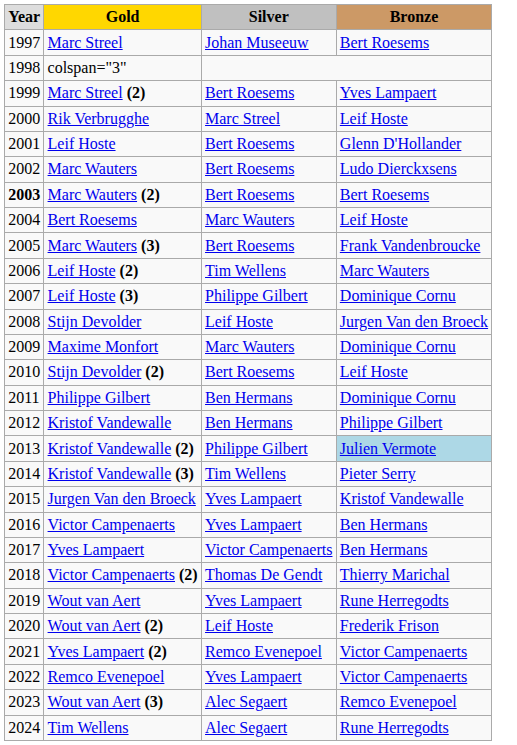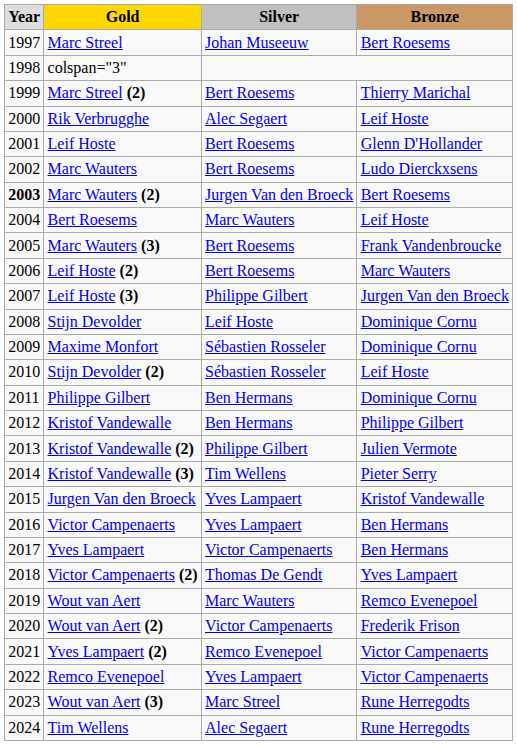 <table class="wikitable" style="text-align:left;">
 <tr>
 <td style="background:#DDDDDD; font-weight:bold; text-align:center;">Year</td>
 <td style="background:gold; font-weight:bold; text-align:center;">Gold</td>
 <td style="background:silver; font-weight:bold; text-align:center;">Silver</td>
 <td style="background:#cc9966; font-weight:bold; text-align:center;">Bronze</td>
 </tr>
 <tr>
 <td>1997</td>
 <td><a href='#'>Marc Streel</a></td>
 <td><a href='#'>Johan Museeuw</a></td>
 <td><a href='#'>Bert Roesems</a></td>
 </tr>
 <tr>
 <td>1998</td>
 <td>colspan="3" </td>
 </tr>
 <tr>
 <td>1999</td>
 <td><a href='#'>Marc Streel</a> <strong>(2)</strong></td>
 <td><a href='#'>Bert Roesems</a></td>
-<td><a href='#'>Yves Lampaert</a></td>
+<td><a href='#'>Thierry Marichal</a></td>
 </tr>
 <tr>
 <td>2000</td>
 <td><a href='#'>Rik Verbrugghe</a></td>
-<td><a href='#'>Marc Streel</a></td>
+<td><a href='#'>Alec Segaert</a></td>
 <td><a href='#'>Leif Hoste</a></td>
 </tr>
 <tr>
 <td>2001</td>
 <td><a href='#'>Leif Hoste</a></td>
 <td><a href='#'>Bert Roesems</a></td>
 <td><a href='#'>Glenn D'Hollander</a></td>
 </tr>
 <tr>
 <td>2002</td>
 <td><a href='#'>Marc Wauters</a></td>
 <td><a href='#'>Bert Roesems</a></td>
 <td><a href='#'>Ludo Dierckxsens</a></td>
 </tr>
 <tr>
 <td><strong>2003</strong></td>
 <td><a href='#'>Marc Wauters</a> <strong>(2)</strong></td>
-<td><a href='#'>Bert Roesems</a></td>
+<td><a href='#'>Jurgen Van den Broeck</a></td>
 <td><a href='#'>Bert Roesems</a></td>
 </tr>
 <tr>
 <td>2004</td>
 <td><a href='#'>Bert Roesems</a></td>
 <td><a href='#'>Marc Wauters</a></td>
 <td><a href='#'>Leif Hoste</a></td>
 </tr>
 <tr>
 <td>2005</td>
 <td><a href='#'>Marc Wauters</a> <strong>(3)</strong></td>
 <td><a href='#'>Bert Roesems</a></td>
 <td><a href='#'>Frank Vandenbroucke</a></td>
 </tr>
 <tr>
 <td>2006</td>
 <td><a href='#'>Leif Hoste</a> <strong>(2)</strong></td>
-<td><a href='#'>Tim Wellens</a></td>
+<td><a href='#'>Bert Roesems</a></td>
 <td><a href='#'>Marc Wauters</a></td>
 </tr>
 <tr>
 <td>2007</td>
 <td><a href='#'>Leif Hoste</a> <strong>(3)</strong></td>
 <td><a href='#'>Philippe Gilbert</a></td>
-<td><a href='#'>Dominique Cornu</a></td>
+<td><a href='#'>Jurgen Van den Broeck</a></td>
 </tr>
 <tr>
 <td>2008</td>
 <td><a href='#'>Stijn Devolder</a></td>
 <td><a href='#'>Leif Hoste</a></td>
-<td><a href='#'>Jurgen Van den Broeck</a></td>
+<td><a href='#'>Dominique Cornu</a></td>
 </tr>
 <tr>
 <td>2009</td>
 <td><a href='#'>Maxime Monfort</a></td>
-<td><a href='#'>Marc Wauters</a></td>
+<td><a href='#'>Sébastien Rosseler</a></td>
 <td><a href='#'>Dominique Cornu</a></td>
 </tr>
 <tr>
 <td>2010</td>
 <td><a href='#'>Stijn Devolder</a> <strong>(2)</strong></td>
-<td><a href='#'>Bert Roesems</a></td>
+<td><a href='#'>Sébastien Rosseler</a></td>
 <td><a href='#'>Leif Hoste</a></td>
 </tr>
 <tr>
 <td>2011</td>
 <td><a href='#'>Philippe Gilbert</a></td>
 <td><a href='#'>Ben Hermans</a></td>
 <td><a href='#'>Dominique Cornu</a></td>
 </tr>
 <tr>
 <td>2012</td>
 <td><a href='#'>Kristof Vandewalle</a></td>
 <td><a href='#'>Ben Hermans</a></td>
 <td><a href='#'>Philippe Gilbert</a></td>
 </tr>
 <tr>
 <td>2013</td>
 <td><a href='#'>Kristof Vandewalle</a> <strong>(2)</strong></td>
 <td><a href='#'>Philippe Gilbert</a></td>
-<td style="background: lightblue;"><a href='#'>Julien Vermote</a></td>
+<td><a href='#'>Julien Vermote</a></td>
 </tr>
 <tr>
 <td>2014</td>
 <td><a href='#'>Kristof Vandewalle</a> <strong>(3)</strong></td>
 <td><a href='#'>Tim Wellens</a></td>
 <td><a href='#'>Pieter Serry</a></td>
 </tr>
 <tr>
 <td>2015</td>
 <td><a href='#'>Jurgen Van den Broeck</a></td>
 <td><a href='#'>Yves Lampaert</a></td>
 <td><a href='#'>Kristof Vandewalle</a></td>
 </tr>
 <tr>
 <td>2016</td>
 <td><a href='#'>Victor Campenaerts</a></td>
 <td><a href='#'>Yves Lampaert</a></td>
 <td><a href='#'>Ben Hermans</a></td>
 </tr>
 <tr>
 <td>2017</td>
 <td><a href='#'>Yves Lampaert</a></td>
 <td><a href='#'>Victor Campenaerts</a></td>
 <td><a href='#'>Ben Hermans</a></td>
 </tr>
 <tr>
 <td>2018</td>
 <td><a href='#'>Victor Campenaerts</a> <strong>(2)</strong></td>
 <td><a href='#'>Thomas De Gendt</a></td>
-<td><a href='#'>Thierry Marichal</a></td>
+<td><a href='#'>Yves Lampaert</a></td>
 </tr>
 <tr>
 <td>2019</td>
 <td><a href='#'>Wout van Aert</a></td>
-<td><a href='#'>Yves Lampaert</a></td>
-<td><a href='#'>Rune Herregodts</a></td>
+<td><a href='#'>Marc Wauters</a></td>
+<td><a href='#'>Remco Evenepoel</a></td>
 </tr>
 <tr>
 <td>2020</td>
 <td><a href='#'>Wout van Aert</a> <strong>(2)</strong></td>
-<td><a href='#'>Leif Hoste</a></td>
+<td><a href='#'>Victor Campenaerts</a></td>
 <td><a href='#'>Frederik Frison</a></td>
 </tr>
 <tr>
 <td>2021</td>
 <td><a href='#'>Yves Lampaert</a> <strong>(2)</strong></td>
 <td><a href='#'>Remco Evenepoel</a></td>
 <td><a href='#'>Victor Campenaerts</a></td>
 </tr>
 <tr>
 <td>2022</td>
 <td><a href='#'>Remco Evenepoel</a></td>
 <td><a href='#'>Yves Lampaert</a></td>
 <td><a href='#'>Victor Campenaerts</a></td>
 </tr>
 <tr>
 <td>2023</td>
 <td><a href='#'>Wout van Aert</a> <strong>(3)</strong></td>
-<td><a href='#'>Alec Segaert</a></td>
-<td><a href='#'>Remco Evenepoel</a></td>
+<td><a href='#'>Marc Streel</a></td>
+<td><a href='#'>Rune Herregodts</a></td>
 </tr>
 <tr>
 <td>2024</td>
 <td><a href='#'>Tim Wellens</a></td>
 <td><a href='#'>Alec Segaert</a></td>
 <td><a href='#'>Rune Herregodts</a></td>
 </tr>
 </table>
